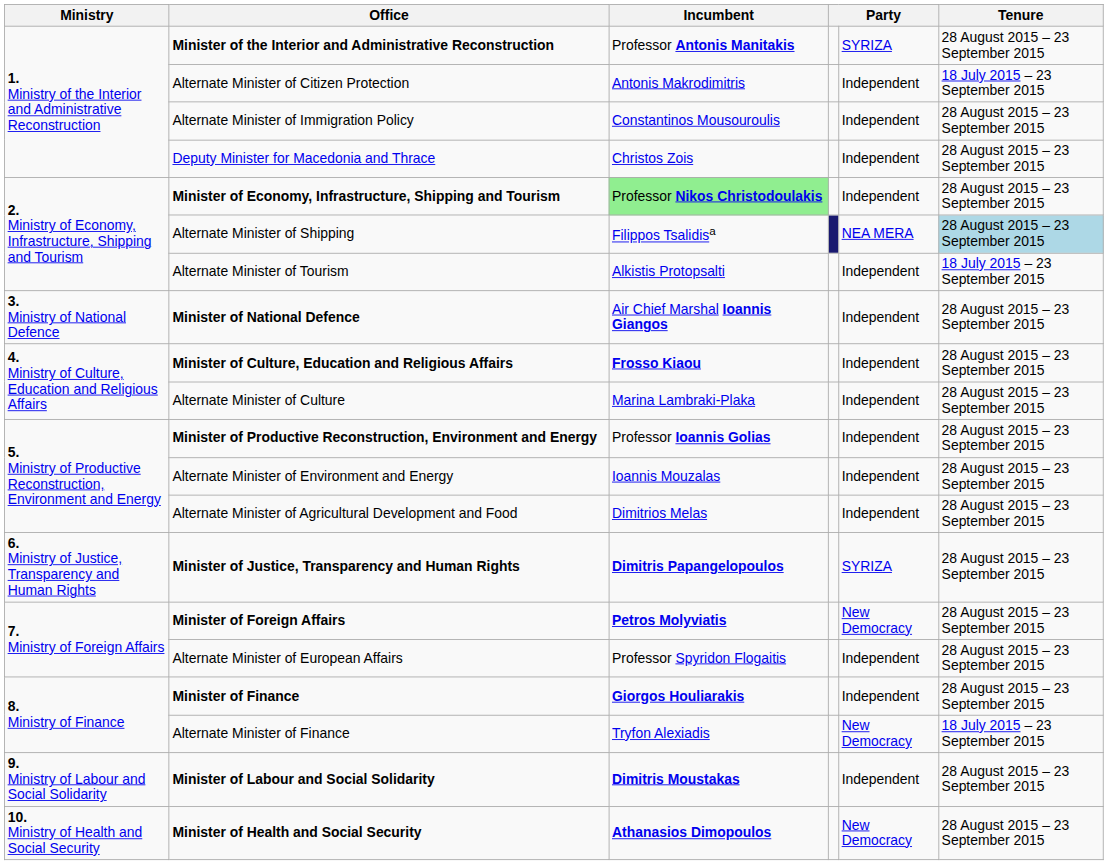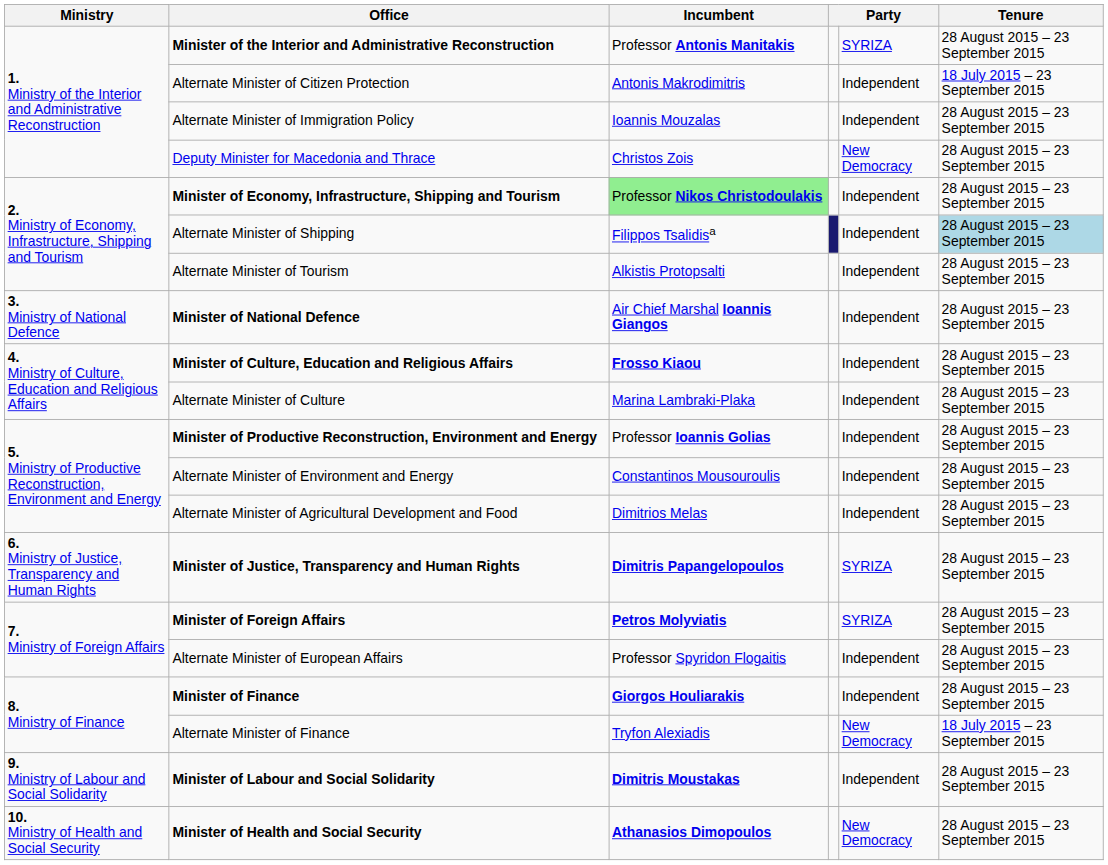 <table class="wikitable" style="width: 100%;">
 <tr>
 <th width=15%>Ministry</th>
 <th width=40%>Office</th>
 <th width=20%>Incumbent</th>
 <th colspan=2 width=10%>Party</th>
 <th width=15%>Tenure</th>
 </tr>
 <tr>
 <td rowspan=4><strong>1.</strong><br><a href='#'>Ministry of the Interior and Administrative Reconstruction</a></td>
 <td><strong>Minister of the Interior and Administrative Reconstruction</strong></td>
 <td>Professor <strong><a href='#'>Antonis Manitakis</a></strong></td>
 <td width=5px style="background-color: "></td>
 <td><a href='#'>SYRIZA</a></td>
 <td>28 August 2015 – 23 September 2015</td>
 </tr>
 <tr>
 <td>Alternate Minister of Citizen Protection</td>
 <td><a href='#'>Antonis Makrodimitris</a></td>
 <td width=5px style="background-color: "></td>
 <td>Independent</td>
 <td><a href='#'>18 July 2015</a> – 23 September 2015</td>
 </tr>
 <tr>
 <td>Alternate Minister of Immigration Policy</td>
-<td><a href='#'>Constantinos Mousouroulis</a></td>
+<td><a href='#'>Ioannis Mouzalas</a></td>
 <td width=5px style="background-color: "></td>
 <td>Independent</td>
 <td>28 August 2015 – 23 September 2015</td>
 </tr>
 <tr>
 <td><a href='#'>Deputy Minister for Macedonia and Thrace</a></td>
 <td><a href='#'>Christos Zois</a></td>
 <td width=5px style="background-color: "></td>
-<td>Independent</td>
+<td><a href='#'>New Democracy</a></td>
 <td>28 August 2015 – 23 September 2015</td>
 </tr>
 <tr>
 <td rowspan=3><strong>2.</strong><br><a href='#'>Ministry of Economy, Infrastructure, Shipping and Tourism</a></td>
 <td><strong>Minister of Economy, Infrastructure, Shipping and Tourism</strong></td>
 <td style="background: lightgreen;">Professor <strong><a href='#'>Nikos Christodoulakis</a></strong></td>
 <td width=5px style="background-color: "></td>
 <td>Independent</td>
 <td>28 August 2015 – 23 September 2015</td>
 </tr>
 <tr>
 <td>Alternate Minister of Shipping</td>
 <td><a href='#'>Filippos Tsalidis</a><sup>a</sup></td>
 <td width=5px style="background-color: midnightblue"></td>
-<td><a href='#'>NEA MERA</a></td>
+<td>Independent</td>
 <td style="background: lightblue;">28 August 2015 – 23 September 2015</td>
 </tr>
 <tr>
 <td>Alternate Minister of Tourism</td>
 <td><a href='#'>Alkistis Protopsalti</a></td>
 <td width=5px style="background-color: "></td>
 <td>Independent</td>
-<td><a href='#'>18 July 2015</a> – 23 September 2015</td>
+<td>28 August 2015 – 23 September 2015</td>
 </tr>
 <tr>
 <td><strong>3.</strong><br><a href='#'>Ministry of National Defence</a></td>
 <td><strong>Minister of National Defence</strong></td>
 <td><a href='#'>Air Chief Marshal</a> <strong><a href='#'>Ioannis Giangos</a></strong></td>
 <td width=5px style="background-color: "></td>
 <td>Independent</td>
 <td>28 August 2015 – 23 September 2015</td>
 </tr>
 <tr>
 <td rowspan=2><strong>4.</strong><br><a href='#'>Ministry of Culture, Education and Religious Affairs</a></td>
 <td><strong>Minister of Culture, Education and Religious Affairs</strong></td>
 <td><strong><a href='#'>Frosso Kiaou</a></strong></td>
 <td width=5px style="background-color: "></td>
 <td>Independent</td>
 <td>28 August 2015 – 23 September 2015</td>
 </tr>
 <tr>
 <td>Alternate Minister of Culture</td>
 <td><a href='#'>Marina Lambraki-Plaka</a></td>
 <td width=5px style="background-color: "></td>
 <td>Independent</td>
 <td>28 August 2015 – 23 September 2015</td>
 </tr>
 <tr>
 <td rowspan=3><strong>5.</strong><br><a href='#'>Ministry of Productive Reconstruction, Environment and Energy</a></td>
 <td><strong>Minister of Productive Reconstruction, Environment and Energy</strong></td>
 <td>Professor <strong><a href='#'>Ioannis Golias</a></strong></td>
 <td width=5px style="background-color: "></td>
 <td>Independent</td>
 <td>28 August 2015 – 23 September 2015</td>
 </tr>
 <tr>
 <td>Alternate Minister of Environment and Energy</td>
-<td><a href='#'>Ioannis Mouzalas</a></td>
+<td><a href='#'>Constantinos Mousouroulis</a></td>
 <td width=5px style="background-color: "></td>
 <td>Independent</td>
 <td>28 August 2015 – 23 September 2015</td>
 </tr>
 <tr>
 <td>Alternate Minister of Agricultural Development and Food</td>
 <td><a href='#'>Dimitrios Melas</a></td>
 <td width=5px style="background-color: "></td>
 <td>Independent</td>
 <td>28 August 2015 – 23 September 2015</td>
 </tr>
 <tr>
 <td><strong>6.</strong><br><a href='#'>Ministry of Justice, Transparency and Human Rights</a></td>
 <td><strong>Minister of Justice, Transparency and Human Rights</strong></td>
 <td><strong><a href='#'>Dimitris Papangelopoulos</a></strong></td>
 <td width=5px style="background-color: "></td>
 <td><a href='#'>SYRIZA</a></td>
 <td>28 August 2015 – 23 September 2015</td>
 </tr>
 <tr>
 <td rowspan=2><strong>7.</strong><br><a href='#'>Ministry of Foreign Affairs</a></td>
 <td><strong>Minister of Foreign Affairs</strong></td>
 <td><strong><a href='#'>Petros Molyviatis</a></strong></td>
 <td width=5px style="background-color: "></td>
-<td><a href='#'>New Democracy</a></td>
+<td><a href='#'>SYRIZA</a></td>
 <td>28 August 2015 – 23 September 2015</td>
 </tr>
 <tr>
 <td>Alternate Minister of European Affairs</td>
 <td>Professor <a href='#'>Spyridon Flogaitis</a></td>
 <td width=5px style="background-color: "></td>
 <td>Independent</td>
 <td>28 August 2015 – 23 September 2015</td>
 </tr>
 <tr>
 <td rowspan=2><strong>8.</strong><br><a href='#'>Ministry of Finance</a></td>
 <td><strong>Minister of Finance</strong></td>
 <td><strong><a href='#'>Giorgos Houliarakis</a></strong></td>
 <td width=5px style="background-color: "></td>
 <td>Independent</td>
 <td>28 August 2015 – 23 September 2015</td>
 </tr>
 <tr>
 <td>Alternate Minister of Finance</td>
 <td><a href='#'>Tryfon Alexiadis</a></td>
 <td width=5px style="background-color: "></td>
 <td><a href='#'>New Democracy</a></td>
 <td><a href='#'>18 July 2015</a> – 23 September 2015</td>
 </tr>
 <tr>
 <td><strong>9.</strong><br><a href='#'>Ministry of Labour and Social Solidarity</a></td>
 <td><strong>Minister of Labour and Social Solidarity</strong></td>
 <td><strong><a href='#'>Dimitris Moustakas</a></strong></td>
 <td width=5px style="background-color: "></td>
 <td>Independent</td>
 <td>28 August 2015 – 23 September 2015</td>
 </tr>
 <tr>
 <td><strong>10.</strong><br><a href='#'>Ministry of Health and Social Security</a></td>
 <td><strong>Minister of Health and Social Security</strong></td>
 <td><strong><a href='#'>Athanasios Dimopoulos</a></strong></td>
 <td width=5px style="background-color: "></td>
 <td><a href='#'>New Democracy</a></td>
 <td>28 August 2015 – 23 September 2015</td>
 </tr>
 </table>
